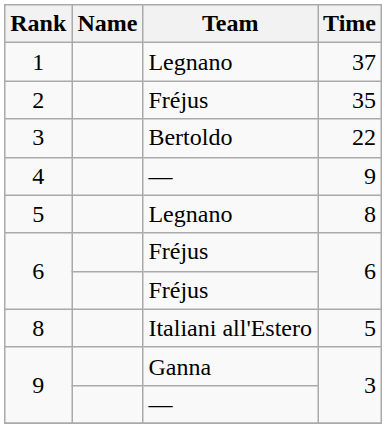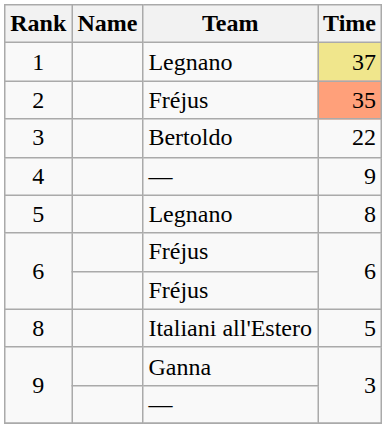 <table class="wikitable">
 <tr>
 <th>Rank</th>
 <th>Name</th>
 <th>Team</th>
 <th>Time</th>
 </tr>
 <tr>
 <td style="text-align:center">1</td>
 <td></td>
 <td>Legnano</td>
-<td align="right">37</td>
+<td align="right" style="background: khaki;">37</td>
 </tr>
 <tr>
 <td style="text-align:center">2</td>
 <td> </td>
 <td>Fréjus</td>
-<td align="right">35</td>
+<td align="right" style="background: lightsalmon;">35</td>
 </tr>
 <tr>
 <td style="text-align:center">3</td>
 <td></td>
 <td>Bertoldo</td>
 <td align="right">22</td>
 </tr>
 <tr>
 <td style="text-align:center">4</td>
 <td></td>
 <td>—</td>
 <td align="right">9</td>
 </tr>
 <tr>
 <td style="text-align:center">5</td>
 <td></td>
 <td>Legnano</td>
 <td align="right">8</td>
 </tr>
 <tr>
 <td style="text-align:center;" rowspan="2">6</td>
 <td></td>
 <td>Fréjus</td>
 <td align="right" rowspan="2">6</td>
 </tr>
 <tr>
 <td></td>
 <td>Fréjus</td>
 </tr>
 <tr>
 <td style="text-align:center">8</td>
 <td></td>
 <td>Italiani all'Estero</td>
 <td align="right">5</td>
 </tr>
 <tr>
 <td style="text-align:center;" rowspan="2">9</td>
 <td></td>
 <td>Ganna</td>
 <td align="right" rowspan="2">3</td>
 </tr>
 <tr>
 <td></td>
 <td>—</td>
 </tr>
 <tr>
 </tr>
 </table>
